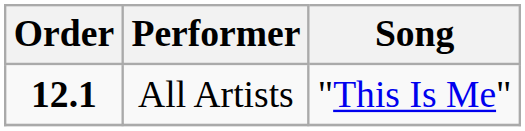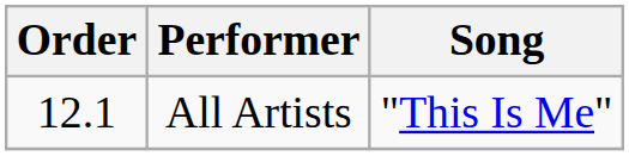 <table class="wikitable" style="text-align:center;">
 <tr>
 <th>Order</th>
 <th>Performer</th>
 <th>Song</th>
 </tr>
 <tr>
-<td><strong>12.1</strong></td>
+<td>12.1</td>
 <td>All Artists</td>
 <td>"<a href='#'>This Is Me</a>"</td>
 </tr>
 <tr>
 </tr>
 </table>
